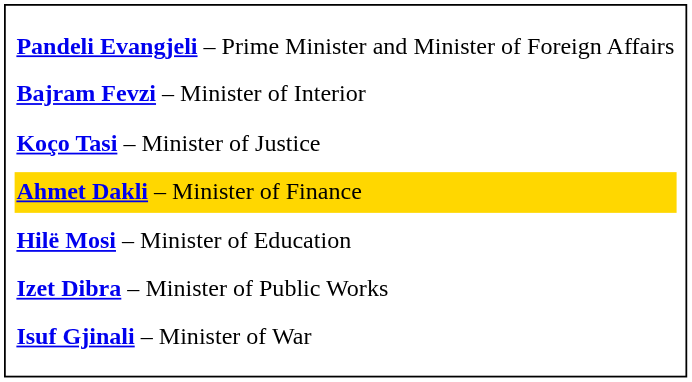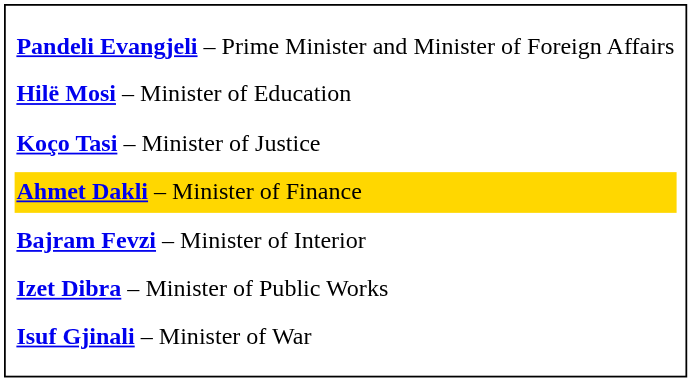 <table cellpadding="1" cellspacing="5" style="border:1px solid #000000; font-size:85%; line-height: 1.5em;">
 <tr>
 <td align="center"></td>
 </tr>
 <tr>
 <td><strong><a href='#'>Pandeli Evangjeli</a></strong> – Prime Minister and Minister of Foreign Affairs</td>
 </tr>
 <tr>
-<td><strong><a href='#'>Bajram Fevzi</a></strong> – Minister of Interior</td>
+<td><strong><a href='#'>Hilë Mosi</a></strong> – Minister of Education</td>
 </tr>
 <tr>
 <td><strong><a href='#'>Koço Tasi</a></strong> – Minister of Justice</td>
 </tr>
 <tr>
 <td style="background: gold;"><strong><a href='#'>Ahmet Dakli</a></strong> – Minister of Finance</td>
 </tr>
 <tr>
-<td><strong><a href='#'>Hilë Mosi</a></strong> – Minister of Education</td>
+<td><strong><a href='#'>Bajram Fevzi</a></strong> – Minister of Interior</td>
 </tr>
 <tr>
 <td><strong><a href='#'>Izet Dibra</a></strong> – Minister of Public Works</td>
 </tr>
 <tr>
 <td><strong><a href='#'>Isuf Gjinali</a></strong> – Minister of War</td>
 </tr>
 <tr>
 </tr>
 </table>
